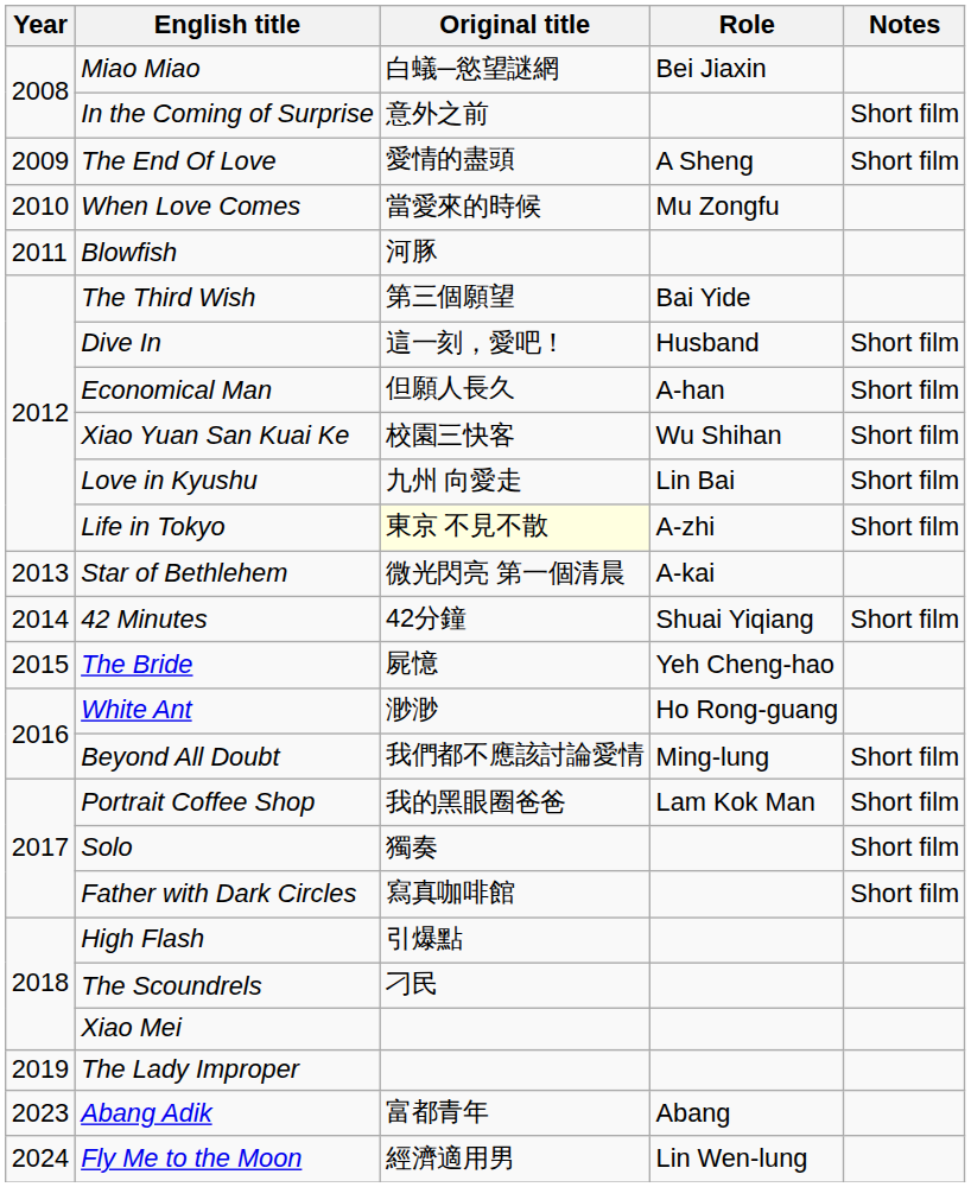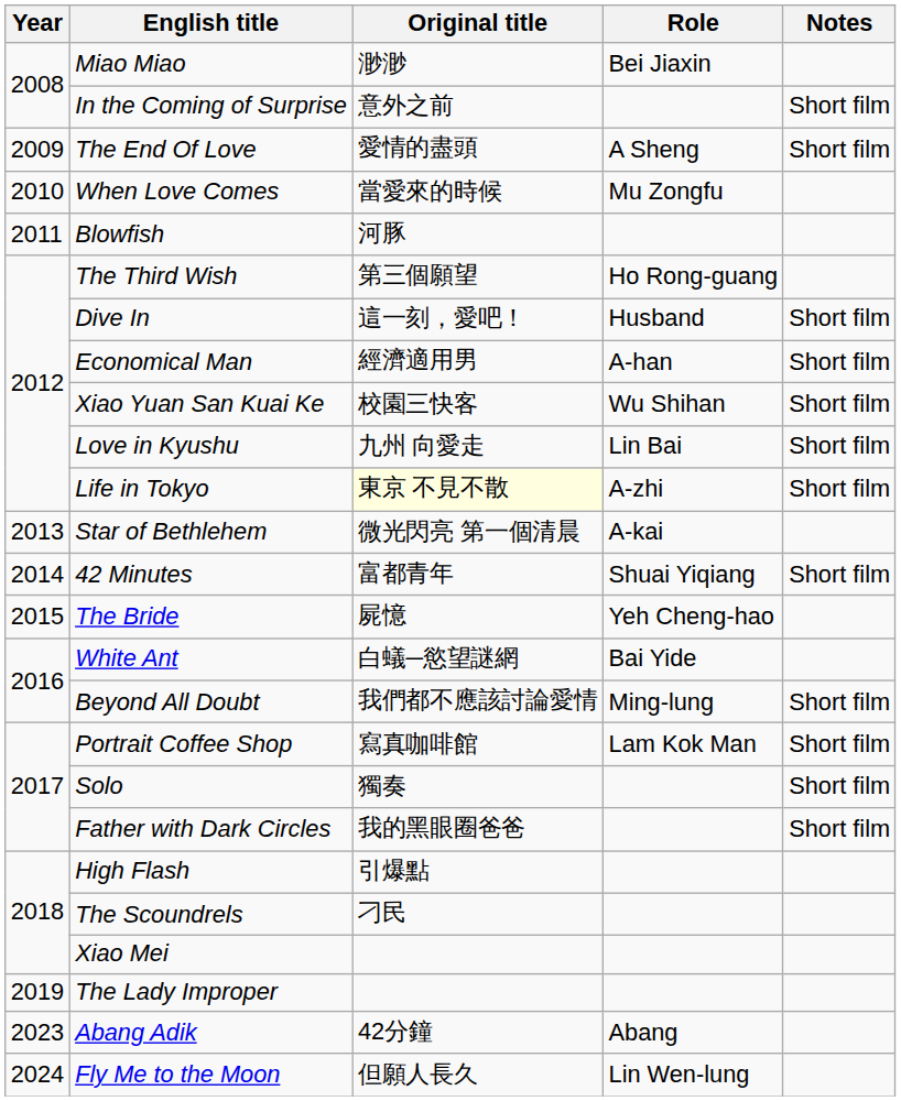 <table class="wikitable sortable">
 <tr>
 <th>Year</th>
 <th>English title</th>
 <th>Original title</th>
 <th>Role</th>
 <th class="unsortable">Notes</th>
 </tr>
 <tr>
 <td rowspan=2>2008</td>
 <td><em>Miao Miao</em></td>
-<td>白蟻─慾望謎網</td>
+<td>渺渺</td>
 <td>Bei Jiaxin</td>
 <td></td>
 </tr>
 <tr>
 <td><em>In the Coming of Surprise</em></td>
 <td>意外之前</td>
 <td></td>
 <td>Short film</td>
 </tr>
 <tr>
 <td>2009</td>
 <td><em>The End Of Love</em></td>
 <td>愛情的盡頭</td>
 <td>A Sheng</td>
 <td>Short film</td>
 </tr>
 <tr>
 <td>2010</td>
 <td><em>When Love Comes</em></td>
 <td>當愛來的時候</td>
 <td>Mu Zongfu</td>
 <td></td>
 </tr>
 <tr>
 <td>2011</td>
 <td><em>Blowfish</em></td>
 <td>河豚</td>
 <td></td>
 </tr>
 <tr>
 <td rowspan=6>2012</td>
 <td><em>The Third Wish</em></td>
 <td>第三個願望</td>
-<td>Bai Yide</td>
+<td>Ho Rong-guang</td>
 <td></td>
 </tr>
 <tr>
 <td><em>Dive In</em></td>
 <td>這一刻，愛吧！</td>
 <td>Husband</td>
 <td>Short film</td>
 </tr>
 <tr>
 <td><em>Economical Man</em></td>
-<td>但願人長久</td>
+<td>經濟適用男</td>
 <td>A-han</td>
 <td>Short film</td>
 </tr>
 <tr>
 <td><em>Xiao Yuan San Kuai Ke</em></td>
 <td>校園三快客</td>
 <td>Wu Shihan</td>
 <td>Short film</td>
 </tr>
 <tr>
 <td><em>Love in Kyushu</em></td>
 <td>九州 向愛走</td>
 <td>Lin Bai</td>
 <td>Short film</td>
 </tr>
 <tr>
 <td><em>Life in Tokyo</em></td>
 <td style="background: lightyellow;">東京 不見不散</td>
 <td>A-zhi</td>
 <td>Short film</td>
 </tr>
 <tr>
 <td>2013</td>
 <td><em>Star of Bethlehem</em></td>
 <td>微光閃亮 第一個清晨</td>
 <td>A-kai</td>
 <td></td>
 </tr>
 <tr>
 <td>2014</td>
 <td><em>42 Minutes</em></td>
-<td>42分鐘</td>
+<td>富都青年</td>
 <td>Shuai Yiqiang</td>
 <td>Short film</td>
 </tr>
 <tr>
 <td>2015</td>
 <td><em><a href='#'>The Bride</a></em></td>
 <td>屍憶</td>
 <td>Yeh Cheng-hao</td>
 <td></td>
 </tr>
 <tr>
 <td rowspan=2>2016</td>
 <td><em><a href='#'>White Ant</a></em></td>
-<td>渺渺</td>
-<td>Ho Rong-guang</td>
+<td>白蟻─慾望謎網</td>
+<td>Bai Yide</td>
 <td></td>
 </tr>
 <tr>
 <td><em>Beyond All Doubt</em></td>
 <td>我們都不應該討論愛情</td>
 <td>Ming-lung</td>
 <td>Short film</td>
 </tr>
 <tr>
 <td rowspan=3>2017</td>
 <td><em>Portrait Coffee Shop</em></td>
-<td>我的黑眼圈爸爸</td>
+<td>寫真咖啡館</td>
 <td>Lam Kok Man</td>
 <td>Short film</td>
 </tr>
 <tr>
 <td><em>Solo</em></td>
 <td>獨奏</td>
 <td></td>
 <td>Short film</td>
 </tr>
 <tr>
 <td><em>Father with Dark Circles</em></td>
-<td>寫真咖啡館</td>
+<td>我的黑眼圈爸爸</td>
 <td></td>
 <td>Short film</td>
 </tr>
 <tr>
 <td rowspan=3>2018</td>
 <td><em>High Flash</em></td>
 <td>引爆點</td>
 <td></td>
 </tr>
 <tr>
 <td><em>The Scoundrels</em></td>
 <td>刁民</td>
 <td></td>
 <td></td>
 </tr>
 <tr>
 <td><em>Xiao Mei</em></td>
 <td></td>
 <td></td>
 <td></td>
 </tr>
 <tr>
 <td>2019</td>
 <td><em>The Lady Improper</em></td>
 <td></td>
 <td></td>
 <td></td>
 </tr>
 <tr>
 <td>2023</td>
 <td><em><a href='#'>Abang Adik</a></em></td>
-<td>富都青年</td>
+<td>42分鐘</td>
 <td>Abang</td>
 <td></td>
 </tr>
 <tr>
 <td>2024</td>
 <td><em><a href='#'>Fly Me to the Moon</a></em></td>
-<td>經濟適用男</td>
+<td>但願人長久</td>
 <td>Lin Wen-lung</td>
 <td></td>
 </tr>
 </table>
